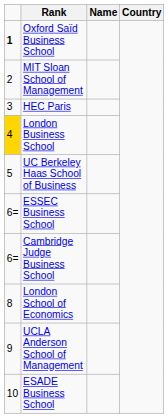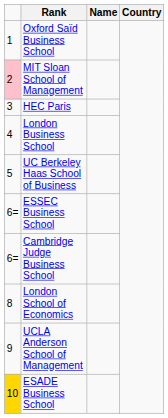 <table class="wikitable floatright"  style="width: 250px">
 <tr>
 <td></td>
 <th>Rank</th>
 <th>Name</th>
 <th>Country</th>
 </tr>
 <tr>
-<td><strong>1</strong></td>
+<td>1</td>
 <td><a href='#'>Oxford Saïd Business School</a></td>
 <td></td>
 </tr>
 <tr>
-<td>2</td>
+<td style="background: pink;">2</td>
 <td><a href='#'>MIT Sloan School of Management</a></td>
 <td></td>
 </tr>
 <tr>
 <td>3</td>
 <td><a href='#'>HEC Paris</a></td>
 <td></td>
 </tr>
 <tr>
-<td style="background: gold;">4</td>
+<td>4</td>
 <td><a href='#'>London Business School</a></td>
 <td></td>
 </tr>
 <tr>
 <td>5</td>
 <td><a href='#'>UC Berkeley Haas School of Business</a></td>
 <td></td>
 </tr>
 <tr>
 <td>6=</td>
 <td><a href='#'>ESSEC Business School</a></td>
 <td></td>
 </tr>
 <tr>
 <td>6=</td>
 <td><a href='#'>Cambridge Judge Business School</a></td>
 <td></td>
 </tr>
 <tr>
 <td>8</td>
 <td><a href='#'>London School of Economics</a></td>
 <td></td>
 </tr>
 <tr>
 <td>9</td>
 <td><a href='#'>UCLA Anderson School of Management</a></td>
 <td></td>
 </tr>
 <tr>
-<td>10</td>
+<td style="background: gold;">10</td>
 <td><a href='#'>ESADE Business School</a></td>
 <td></td>
 </tr>
 </table>
